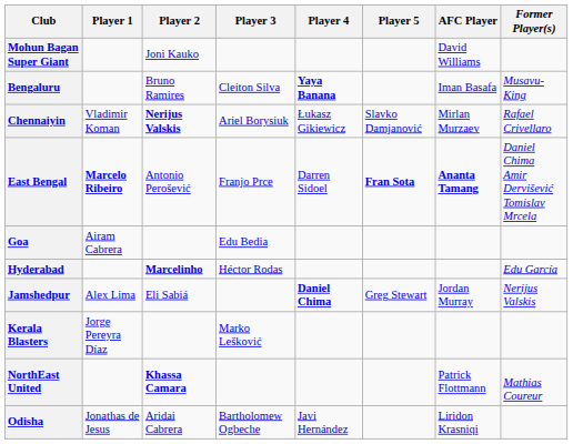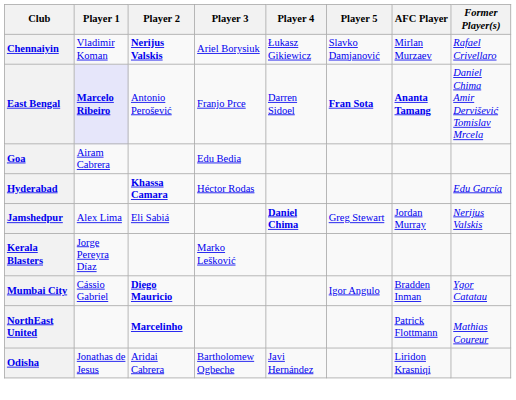 <table class="sortable wikitable" style="text-align: left; font-size:79%">
 <tr>
 <th scope=col style="width:150px;">Club</th>
 <th scope=col style="width:150px;">Player 1</th>
 <th scope=col style="width:150px;">Player 2</th>
 <th scope=col style="width:150px;">Player 3</th>
 <th scope=col style="width:150px;">Player 4</th>
 <th scope=col style="width:150px;">Player 5</th>
 <th scope=col style="width:150px;">AFC Player</th>
 <th scope=col style="width:150px;"><em>Former Player(s)</em></th>
-</tr>
-<tr>
-<th scope=row style="text-align: left;"><a href='#'>Mohun Bagan Super Giant</a></th>
-<td> </td>
-<td> <a href='#'>Joni Kauko</a></td>
-<td> </td>
-<td> </td>
-<td> </td>
-<td> <a href='#'>David Williams</a></td>
-<td></td>
-</tr>
-<tr>
-<th scope=row style="text-align: left;"><a href='#'>Bengaluru</a></th>
-<td> </td>
-<td> <a href='#'>Bruno Ramires</a></td>
-<td> <a href='#'>Cleiton Silva</a></td>
-<td><strong> <a href='#'>Yaya Banana</a></strong></td>
-<td> </td>
-<td> <a href='#'>Iman Basafa</a></td>
-<td><em> <a href='#'>Musavu-King</a></em></td>
 </tr>
 <tr>
 <th scope=row style="text-align: left;"><a href='#'>Chennaiyin</a></th>
 <td> <a href='#'>Vladimir Koman</a></td>
 <td><strong> <a href='#'>Nerijus Valskis</a></strong></td>
 <td> <a href='#'>Ariel Borysiuk</a></td>
 <td> <a href='#'>Łukasz Gikiewicz</a></td>
 <td> <a href='#'>Slavko Damjanović</a></td>
 <td> <a href='#'>Mirlan Murzaev</a></td>
 <td><em> <a href='#'>Rafael Crivellaro</a></em></td>
 </tr>
 <tr>
 <th scope="row" style="text-align: left;"><a href='#'>East Bengal</a></th>
-<td><strong> <a href='#'>Marcelo Ribeiro</a></strong></td>
+<td style="background: lavender;"><strong> <a href='#'>Marcelo Ribeiro</a></strong></td>
 <td> <a href='#'>Antonio Perošević</a></td>
 <td> <a href='#'>Franjo Prce</a></td>
 <td> <a href='#'>Darren Sidoel</a></td>
 <td><strong> <a href='#'>Fran Sota</a></strong></td>
 <td> <strong><a href='#'>Ananta Tamang</a></strong></td>
 <td><em> <a href='#'>Daniel Chima</a></em><br><em> <a href='#'>Amir Dervišević</a></em><br><em> <a href='#'>Tomislav Mrcela</a></em></td>
 </tr>
 <tr>
 <th scope=row style="text-align: left;"><a href='#'>Goa</a></th>
 <td> <a href='#'>Airam Cabrera</a></td>
 <td> </td>
 <td> <a href='#'>Edu Bedia</a></td>
 <td> </td>
 <td> </td>
 <td> </td>
 <td></td>
 </tr>
 <tr>
 <th scope=row style="text-align: left;"><a href='#'>Hyderabad</a></th>
 <td> </td>
-<td><strong> <a href='#'>Marcelinho</a></strong></td>
+<td><strong> <a href='#'>Khassa Camara</a></strong></td>
 <td> <a href='#'>Héctor Rodas</a></td>
 <td> </td>
 <td> </td>
 <td> </td>
 <td><em> <a href='#'>Edu García</a></em></td>
 </tr>
 <tr>
 <th scope=row style="text-align: left;"><a href='#'>Jamshedpur</a></th>
 <td> <a href='#'>Alex Lima</a></td>
 <td> <a href='#'>Eli Sabiá</a></td>
 <td> </td>
 <td><strong> <a href='#'>Daniel Chima</a></strong></td>
 <td> <a href='#'>Greg Stewart</a></td>
 <td> <a href='#'>Jordan Murray</a></td>
 <td><em> <a href='#'>Nerijus Valskis</a></em></td>
 </tr>
 <tr>
 <th scope=row style="text-align: left;"><a href='#'>Kerala Blasters</a></th>
 <td> <a href='#'>Jorge Pereyra Díaz</a></td>
 <td> </td>
 <td> <a href='#'>Marko Lešković</a></td>
 <td> </td>
 <td> </td>
 <td> </td>
 <td></td>
 </tr>
 <tr>
+<th scope=row style="text-align: left;"><a href='#'>Mumbai City</a></th>
+<td> <a href='#'>Cássio Gabriel</a></td>
+<td><strong> <a href='#'>Diego Mauricio</a></strong></td>
+<td> </td>
+<td> </td>
+<td> <a href='#'>Igor Angulo</a></td>
+<td> <a href='#'>Bradden Inman</a></td>
+<td><em> <a href='#'>Ygor Catatau</a></em></td>
+</tr>
+<tr>
 <th scope=row style="text-align: left;"><a href='#'>NorthEast United</a></th>
 <td><strong> </strong></td>
-<td><strong> <a href='#'>Khassa Camara</a></strong></td>
+<td><strong> <a href='#'>Marcelinho</a></strong></td>
 <td><strong> </strong></td>
 <td> </td>
 <td> </td>
 <td> <a href='#'>Patrick Flottmann</a></td>
 <td><em> </em><br><em> <a href='#'>Mathias Coureur</a></em><br><em> </em></td>
 </tr>
 <tr>
 <th scope=row style="text-align: left;"><a href='#'>Odisha</a></th>
 <td> <a href='#'>Jonathas de Jesus</a></td>
 <td> <a href='#'>Aridai Cabrera</a></td>
 <td> <a href='#'>Bartholomew Ogbeche</a></td>
 <td> <a href='#'>Javi Hernández</a></td>
 <td> </td>
 <td> <a href='#'>Liridon Krasniqi</a></td>
 <td></td>
 </tr>
 </table>
